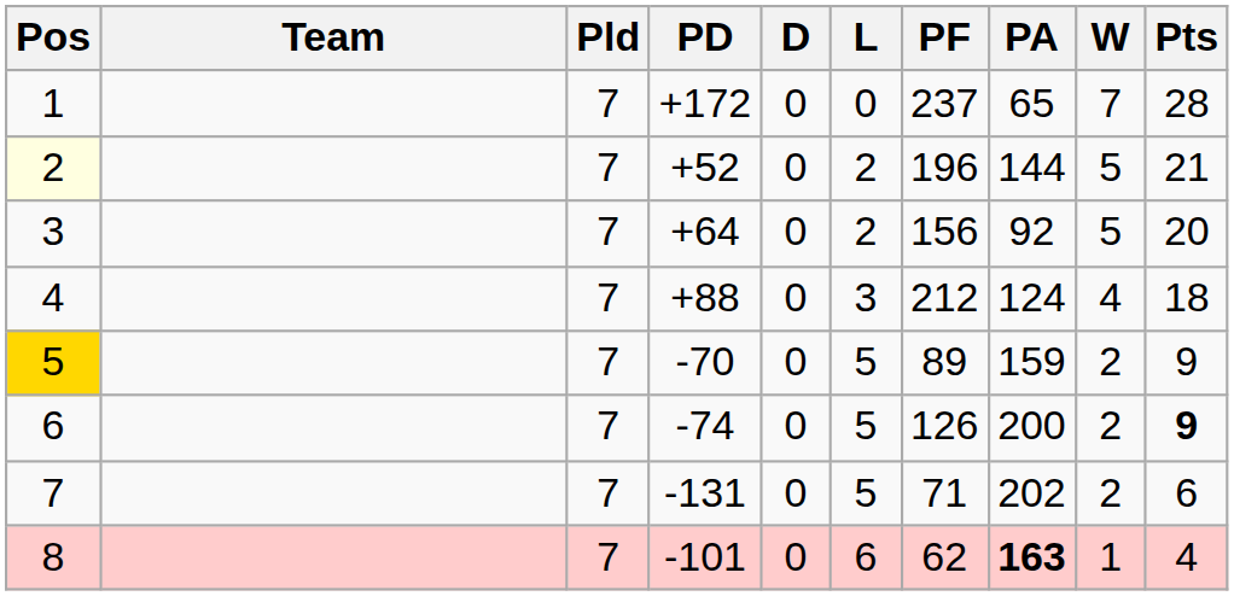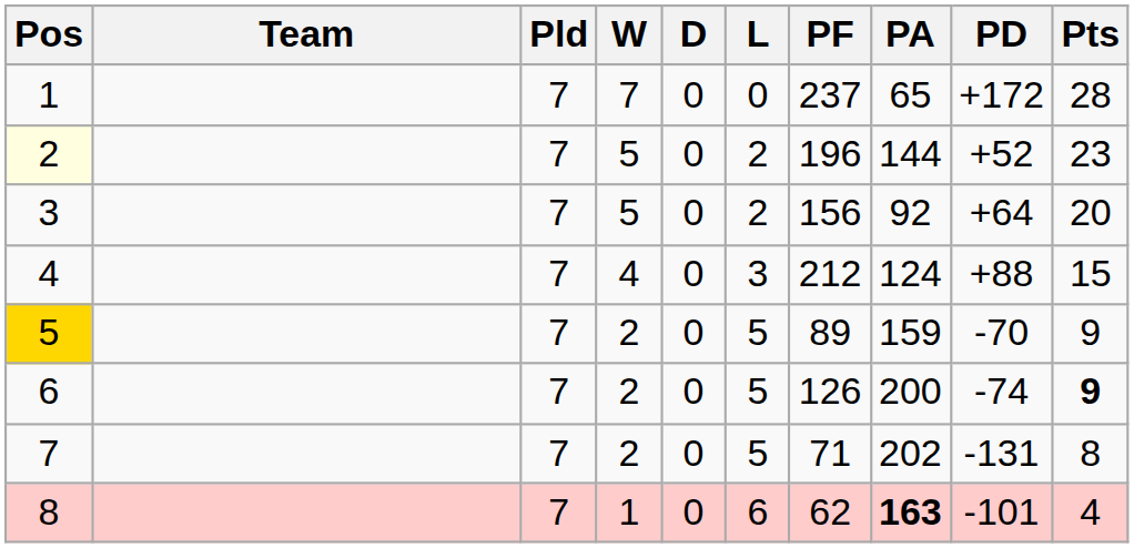 <table class="wikitable" style="text-align:center">
 <tr>
 <th width=20 abbr="Position">Pos</th>
 <th width=175>Team</th>
 <th width=20 abbr="Played">Pld</th>
-<th width=25 abbr="Points difference">PD</th>
+<th width=20 abbr="Won">W</th>
 <th width=20 abbr="Drawn">D</th>
 <th width=20 abbr="Lost">L</th>
 <th width=20 abbr="Points for">PF</th>
 <th width=20 abbr="Points against">PA</th>
-<th width=20 abbr="Won">W</th>
+<th width=25 abbr="Points difference">PD</th>
 <th width=20 abbr="Points">Pts</th>
 </tr>
 <tr>
 <td>1</td>
 <td style="text-align:left"></td>
 <td>7</td>
-<td>+172</td>
+<td>7</td>
 <td>0</td>
 <td>0</td>
 <td>237</td>
 <td>65</td>
-<td>7</td>
+<td>+172</td>
 <td>28</td>
 </tr>
 <tr>
 <td style="background: lightyellow;">2</td>
 <td style="text-align:left"></td>
 <td>7</td>
-<td>+52</td>
+<td>5</td>
 <td>0</td>
 <td>2</td>
 <td>196</td>
 <td>144</td>
-<td>5</td>
-<td>21</td>
+<td>+52</td>
+<td>23</td>
 </tr>
 <tr>
 <td>3</td>
 <td style="text-align:left"></td>
 <td>7</td>
-<td>+64</td>
+<td>5</td>
 <td>0</td>
 <td>2</td>
 <td>156</td>
 <td>92</td>
-<td>5</td>
+<td>+64</td>
 <td>20</td>
 </tr>
 <tr>
 <td>4</td>
 <td style="text-align:left"></td>
 <td>7</td>
-<td>+88</td>
+<td>4</td>
 <td>0</td>
 <td>3</td>
 <td>212</td>
 <td>124</td>
-<td>4</td>
-<td>18</td>
+<td>+88</td>
+<td>15</td>
 </tr>
 <tr>
 <td style="background: gold;">5</td>
 <td style="text-align:left"></td>
 <td>7</td>
-<td>-70</td>
+<td>2</td>
 <td>0</td>
 <td>5</td>
 <td>89</td>
 <td>159</td>
-<td>2</td>
+<td>-70</td>
 <td>9</td>
 </tr>
 <tr>
 <td>6</td>
 <td style="text-align:left"></td>
 <td>7</td>
-<td>-74</td>
+<td>2</td>
 <td>0</td>
 <td>5</td>
 <td>126</td>
 <td>200</td>
-<td>2</td>
+<td>-74</td>
 <td><strong>9</strong></td>
 </tr>
 <tr>
 <td>7</td>
 <td style="text-align:left"></td>
 <td>7</td>
-<td>-131</td>
+<td>2</td>
 <td>0</td>
 <td>5</td>
 <td>71</td>
 <td>202</td>
-<td>2</td>
-<td>6</td>
+<td>-131</td>
+<td>8</td>
 </tr>
 <tr style="background:#ffcccc">
 <td>8</td>
 <td style="text-align:left"></td>
 <td>7</td>
-<td>-101</td>
+<td>1</td>
 <td>0</td>
 <td>6</td>
 <td>62</td>
 <td><strong>163</strong></td>
-<td>1</td>
+<td>-101</td>
 <td>4</td>
 </tr>
 </table>
